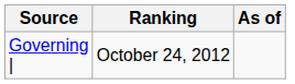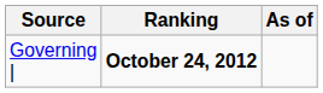 <table class="wikitable" style="text-align:center">
 <tr>
 <th>Source</th>
 <th>Ranking</th>
 <th>As of</th>
 </tr>
 <tr>
 <td align=left><a href='#'>Governing</a><br>| </td>
-<td>October 24, 2012</td>
+<td><strong>October 24, 2012</strong></td>
 </tr>
 </table>
